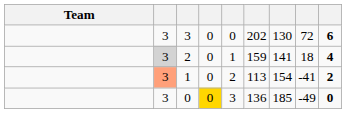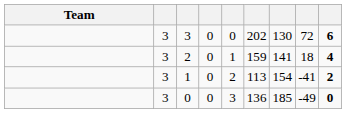 <table class=wikitable style="text-align:center">
 <tr>
 <th width=175>Team</th>
 <th width=20 abbr=Played></th>
 <th width=20 abbr=Won></th>
 <th width=20 abbr=Drawn></th>
 <th width=20 abbr=Lost></th>
 <th width=20 abbr=Goal For></th>
 <th width=20 abbr=Goal Against></th>
 <th width=20 abbr=Goal Difference></th>
 <th width=20 abbr=Points></th>
 </tr>
 <tr>
 <td style="text-align:left;"></td>
 <td>3</td>
 <td>3</td>
 <td>0</td>
 <td>0</td>
 <td>202</td>
 <td>130</td>
 <td>72</td>
 <td><strong>6</strong></td>
 </tr>
 <tr>
 <td style="text-align:left;"></td>
-<td style="background: lightgrey;">3</td>
+<td>3</td>
 <td>2</td>
 <td>0</td>
 <td>1</td>
 <td>159</td>
 <td>141</td>
 <td>18</td>
 <td><strong>4</strong></td>
 </tr>
 <tr>
 <td style="text-align:left;"></td>
-<td style="background: lightsalmon;">3</td>
+<td>3</td>
 <td>1</td>
 <td>0</td>
 <td>2</td>
 <td>113</td>
 <td>154</td>
 <td>-41</td>
 <td><strong>2</strong></td>
 </tr>
 <tr>
 <td style="text-align:left;"></td>
 <td>3</td>
 <td>0</td>
-<td style="background: gold;">0</td>
+<td>0</td>
 <td>3</td>
 <td>136</td>
 <td>185</td>
 <td>-49</td>
 <td><strong>0</strong></td>
 </tr>
 </table>
